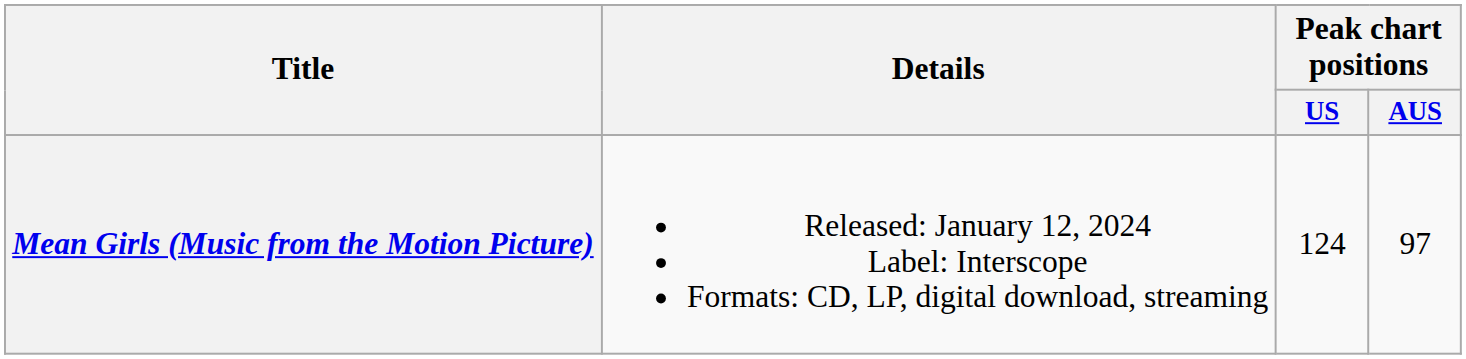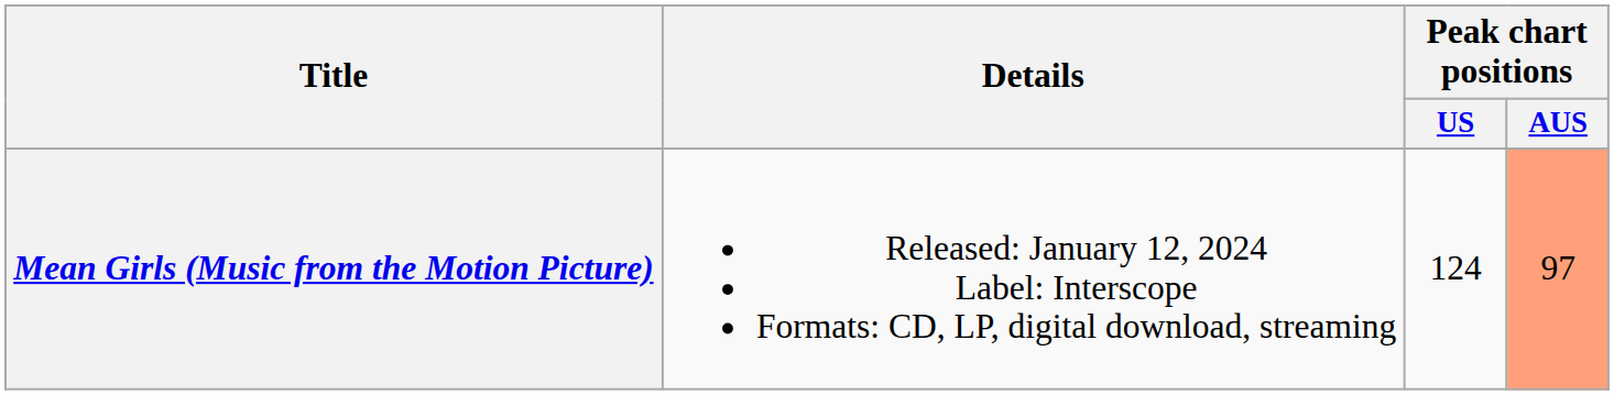 <table class="wikitable plainrowheaders" style="text-align:center;">
 <tr>
 <th scope="col" rowspan="2">Title</th>
 <th scope="col" rowspan="2">Details</th>
 <th scope="col" colspan="2">Peak chart positions</th>
 </tr>
 <tr>
 <th scope="col" style="width:3em;font-size:85%;"><a href='#'>US</a><br></th>
 <th scope="col" style="width:3em;font-size:85%;"><a href='#'>AUS</a><br></th>
 </tr>
 <tr>
 <th scope="row"><em><a href='#'>Mean Girls (Music from the Motion Picture)</a></em><br></th>
 <td><br><ul><li>Released: January 12, 2024</li><li>Label: Interscope</li><li>Formats: CD, LP, digital download, streaming</li></ul></td>
 <td>124</td>
-<td>97</td>
+<td style="background: lightsalmon;">97</td>
 </tr>
 </table>
